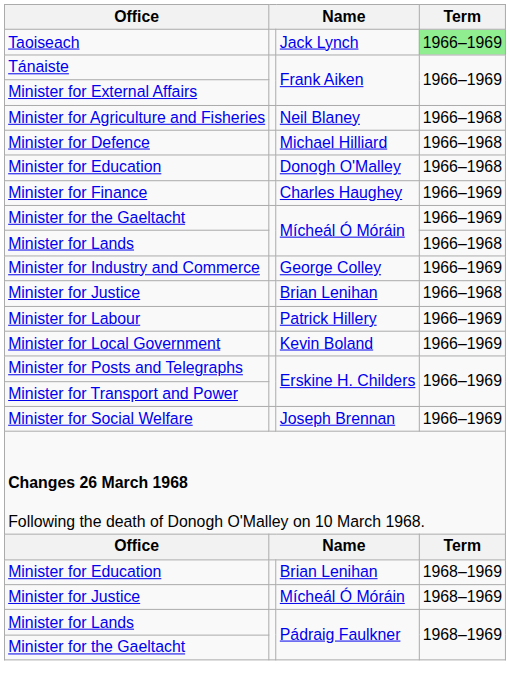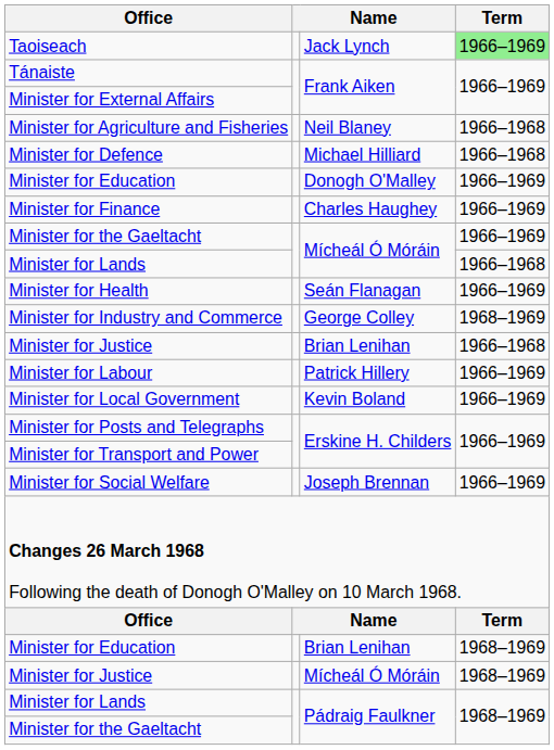 <table class="wikitable">
 <tr>
 <th>Office</th>
 <th colspan=2>Name</th>
 <th>Term</th>
 </tr>
 <tr>
 <td><a href='#'>Taoiseach</a></td>
 <td style="background-color: "></td>
 <td><a href='#'>Jack Lynch</a></td>
 <td style="background: lightgreen;">1966–1969</td>
 </tr>
 <tr>
 <td><a href='#'>Tánaiste</a></td>
 <td rowspan=2 style="background-color: "></td>
 <td rowspan=2><a href='#'>Frank Aiken</a></td>
 <td rowspan=2>1966–1969</td>
 </tr>
 <tr>
 <td><a href='#'>Minister for External Affairs</a></td>
 </tr>
 <tr>
 <td><a href='#'>Minister for Agriculture and Fisheries</a></td>
 <td style="background-color: "></td>
 <td><a href='#'>Neil Blaney</a></td>
 <td>1966–1968</td>
 </tr>
 <tr>
 <td><a href='#'>Minister for Defence</a></td>
 <td style="background-color: "></td>
 <td><a href='#'>Michael Hilliard</a></td>
 <td>1966–1968</td>
 </tr>
 <tr>
 <td><a href='#'>Minister for Education</a></td>
 <td style="background-color: "></td>
 <td><a href='#'>Donogh O'Malley</a></td>
-<td>1966–1968</td>
+<td>1966–1969</td>
 </tr>
 <tr>
 <td><a href='#'>Minister for Finance</a></td>
 <td style="background-color: "></td>
 <td><a href='#'>Charles Haughey</a></td>
 <td>1966–1969</td>
 </tr>
 <tr>
 <td><a href='#'>Minister for the Gaeltacht</a></td>
 <td rowspan=2 style="background-color: "></td>
 <td rowspan=2><a href='#'>Mícheál Ó Móráin</a></td>
 <td>1966–1969</td>
 </tr>
 <tr>
 <td><a href='#'>Minister for Lands</a></td>
 <td>1966–1968</td>
 </tr>
 <tr>
+<td><a href='#'>Minister for Health</a></td>
+<td style="background-color: "></td>
+<td><a href='#'>Seán Flanagan</a></td>
+<td>1966–1969</td>
+</tr>
+<tr>
 <td><a href='#'>Minister for Industry and Commerce</a></td>
 <td style="background-color: "></td>
 <td><a href='#'>George Colley</a></td>
-<td>1966–1969</td>
+<td>1968–1969</td>
 </tr>
 <tr>
 <td><a href='#'>Minister for Justice</a></td>
 <td style="background-color: "></td>
 <td><a href='#'>Brian Lenihan</a></td>
 <td>1966–1968</td>
 </tr>
 <tr>
 <td><a href='#'>Minister for Labour</a></td>
 <td style="background-color: "></td>
 <td><a href='#'>Patrick Hillery</a></td>
 <td>1966–1969</td>
 </tr>
 <tr>
 <td><a href='#'>Minister for Local Government</a></td>
 <td style="background-color: "></td>
 <td><a href='#'>Kevin Boland</a></td>
 <td>1966–1969</td>
 </tr>
 <tr>
 <td><a href='#'>Minister for Posts and Telegraphs</a></td>
 <td rowspan=2 style="background-color: "></td>
 <td rowspan=2><a href='#'>Erskine H. Childers</a></td>
 <td rowspan=2>1966–1969</td>
 </tr>
 <tr>
 <td><a href='#'>Minister for Transport and Power</a></td>
 </tr>
 <tr>
 <td><a href='#'>Minister for Social Welfare</a></td>
 <td style="background-color: "></td>
 <td><a href='#'>Joseph Brennan</a></td>
 <td>1966–1969</td>
 </tr>
 <tr>
 <td colspan=4><br><h4>Changes 26 March 1968</h4>Following the death of Donogh O'Malley on 10 March 1968.</td>
 </tr>
 <tr>
 <th>Office</th>
 <th colspan=2>Name</th>
 <th>Term</th>
 </tr>
 <tr>
 <td><a href='#'>Minister for Education</a></td>
 <td style="background-color: "></td>
 <td><a href='#'>Brian Lenihan</a></td>
 <td>1968–1969</td>
 </tr>
 <tr>
 <td><a href='#'>Minister for Justice</a></td>
 <td style="background-color: "></td>
 <td><a href='#'>Mícheál Ó Móráin</a></td>
 <td>1968–1969</td>
 </tr>
 <tr>
 <td><a href='#'>Minister for Lands</a></td>
 <td rowspan=2 style="background-color: "></td>
 <td rowspan=2><a href='#'>Pádraig Faulkner</a></td>
 <td rowspan=2>1968–1969</td>
 </tr>
 <tr>
 <td><a href='#'>Minister for the Gaeltacht</a></td>
 </tr>
 </table>
